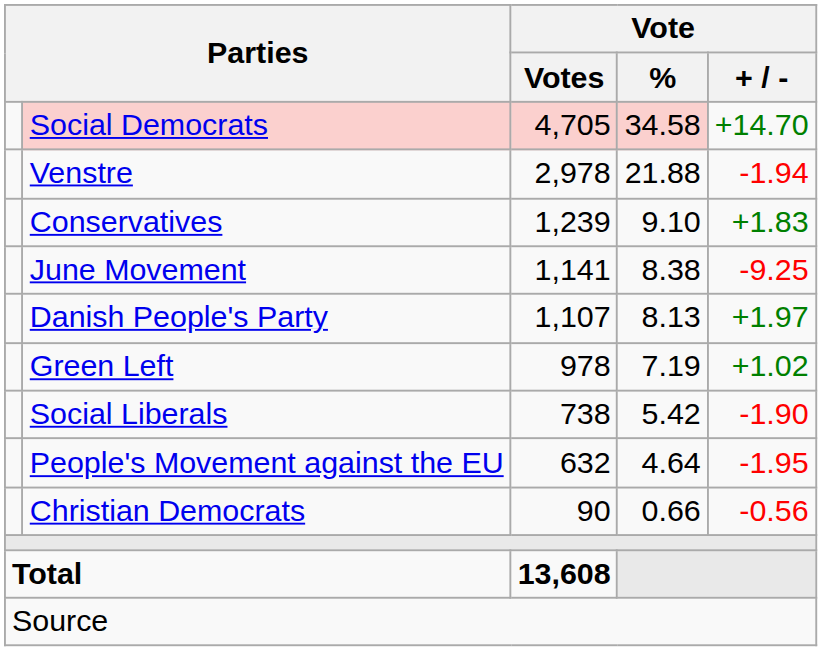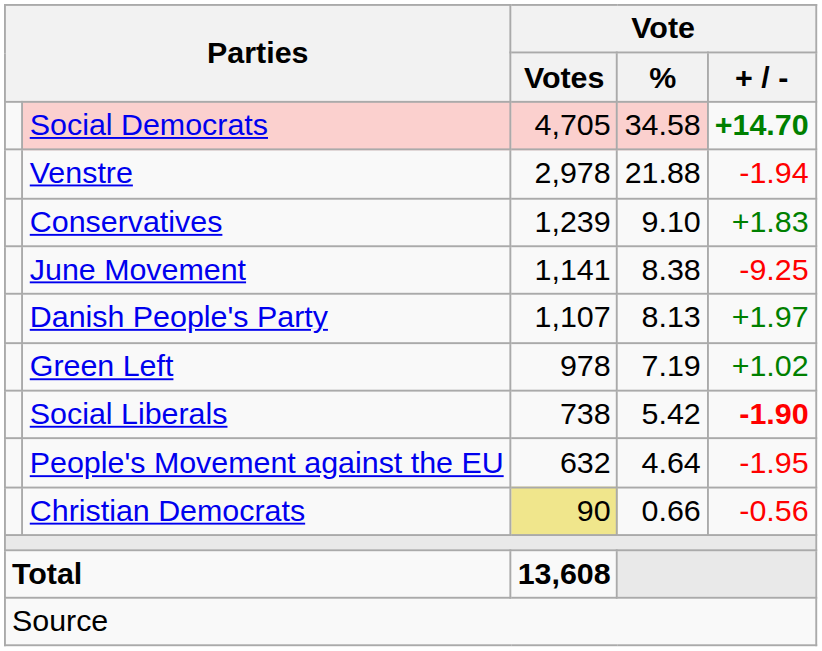 <table class="wikitable" style="text-align:right;">
 <tr>
 <th style="text-align:centre;" rowspan="2" colspan="2" width="225">Parties</th>
 <th colspan="3">Vote</th>
 </tr>
 <tr>
 <th width="15">Votes</th>
 <th width="15">%</th>
 <th width="15">+ / -</th>
 </tr>
 <tr>
 <td width="2" style="color:inherit;background:"></td>
 <td bgcolor=#fbd0ce   align="left"><a href='#'>Social Democrats</a></td>
 <td bgcolor=#fbd0ce>4,705</td>
 <td bgcolor=#fbd0ce>34.58</td>
-<td style=color:green;>+14.70</td>
+<td style=color:green;><strong>+14.70</strong></td>
 </tr>
 <tr>
 <td width="2" style="color:inherit;background:"></td>
 <td align="left"><a href='#'>Venstre</a></td>
 <td>2,978</td>
 <td>21.88</td>
 <td style=color:red;>-1.94</td>
 </tr>
 <tr>
 <td width="2" style="color:inherit;background:"></td>
 <td align="left"><a href='#'>Conservatives</a></td>
 <td>1,239</td>
 <td>9.10</td>
 <td style=color:green;>+1.83</td>
 </tr>
 <tr>
 <td width="2" style="color:inherit;background:"></td>
 <td align="left"><a href='#'>June Movement</a></td>
 <td>1,141</td>
 <td>8.38</td>
 <td style=color:red;>-9.25</td>
 </tr>
 <tr>
 <td width="2" style="color:inherit;background:"></td>
 <td align="left"><a href='#'>Danish People's Party</a></td>
 <td>1,107</td>
 <td>8.13</td>
 <td style=color:green;>+1.97</td>
 </tr>
 <tr>
 <td width="2" style="color:inherit;background:"></td>
 <td align="left"><a href='#'>Green Left</a></td>
 <td>978</td>
 <td>7.19</td>
 <td style=color:green;>+1.02</td>
 </tr>
 <tr>
 <td width="2" style="color:inherit;background:"></td>
 <td align="left"><a href='#'>Social Liberals</a></td>
 <td>738</td>
 <td>5.42</td>
-<td style=color:red;>-1.90</td>
+<td style=color:red;><strong>-1.90</strong></td>
 </tr>
 <tr>
 <td width="2" style="color:inherit;background:"></td>
 <td align="left"><a href='#'>People's Movement against the EU</a></td>
 <td>632</td>
 <td>4.64</td>
 <td style=color:red;>-1.95</td>
 </tr>
 <tr>
 <td width="2" style="color:inherit;background:"></td>
 <td align="left"><a href='#'>Christian Democrats</a></td>
-<td>90</td>
+<td style="background: khaki;">90</td>
 <td>0.66</td>
 <td style=color:red;>-0.56</td>
 </tr>
 <tr>
 <td colspan="7" bgcolor="#E9E9E9"></td>
 </tr>
 <tr>
 <td align="left" colspan="2"><strong>Total</strong></td>
 <td><strong>13,608</strong></td>
 <td bgcolor="#E9E9E9" colspan="2"></td>
 </tr>
 <tr>
 <td align="left" colspan="6">Source</td>
 </tr>
 </table>
